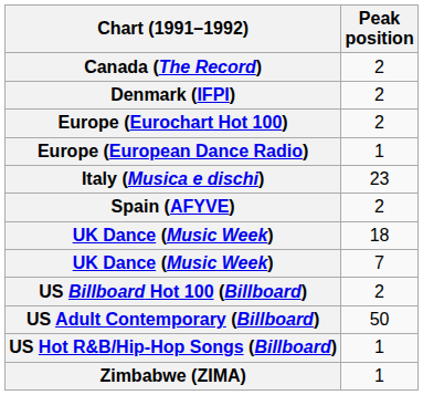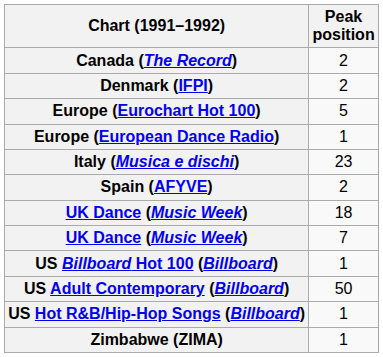 <table class="wikitable sortable plainrowheaders" style="text-align:center">
 <tr>
 <th scope="col">Chart (1991–1992)</th>
 <th scope="col">Peak<br>position</th>
 </tr>
 <tr>
 </tr>
 <tr>
 </tr>
 <tr>
 </tr>
 <tr>
 </tr>
 <tr>
 <th scope="row">Canada (<a href='#'><em>The Record</em></a>)</th>
 <td>2</td>
 </tr>
 <tr>
 <th scope="row">Denmark (<a href='#'>IFPI</a>)</th>
 <td>2</td>
 </tr>
 <tr>
 <th scope="row">Europe (<a href='#'>Eurochart Hot 100</a>)</th>
-<td>2</td>
+<td>5</td>
 </tr>
 <tr>
 <th scope="row">Europe (<a href='#'>European Dance Radio</a>)</th>
 <td>1</td>
 </tr>
 <tr>
 </tr>
 <tr>
 </tr>
 <tr>
 </tr>
 <tr>
 <th scope="row">Italy (<em><a href='#'>Musica e dischi</a></em>)</th>
 <td>23</td>
 </tr>
 <tr>
 </tr>
 <tr>
 </tr>
 <tr>
 </tr>
 <tr>
 </tr>
 <tr>
 <th scope="row">Spain (<a href='#'>AFYVE</a>)</th>
 <td>2</td>
 </tr>
 <tr>
 </tr>
 <tr>
 </tr>
 <tr>
 </tr>
 <tr>
 </tr>
 <tr>
 <th scope="row"><a href='#'>UK Dance</a> (<em><a href='#'>Music Week</a></em>)</th>
 <td>18</td>
 </tr>
 <tr>
 <th scope="row"><a href='#'>UK Dance</a> (<em><a href='#'>Music Week</a></em>)<br></th>
 <td>7</td>
 </tr>
 <tr>
 <th scope="row">US <a href='#'><em>Billboard</em> Hot 100</a> (<em><a href='#'>Billboard</a></em>)</th>
-<td>2</td>
+<td>1</td>
 </tr>
 <tr>
 <th scope="row">US <a href='#'>Adult Contemporary</a> (<em><a href='#'>Billboard</a></em>)</th>
 <td>50</td>
 </tr>
 <tr>
 <th scope="row">US <a href='#'>Hot R&B/Hip-Hop Songs</a> (<em><a href='#'>Billboard</a></em>)</th>
 <td>1</td>
 </tr>
 <tr>
 <th scope="row">Zimbabwe (ZIMA)</th>
 <td>1</td>
 </tr>
 </table>
